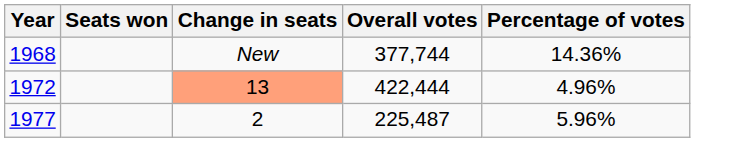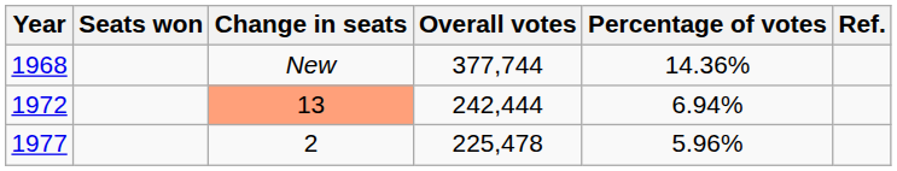 <table class="wikitable" style="text-align:center">
 <tr>
 <th Style="background-color:">Year</th>
 <th Style="background-color:">Seats won</th>
 <th Style="background-color:">Change in seats</th>
 <th Style="background-color:">Overall votes</th>
 <th Style="background-color:">Percentage of votes</th>
+<th Style="background-color:">Ref.</th>
 </tr>
 <tr>
 <td><a href='#'>1968</a></td>
 <td></td>
 <td><em>New</em></td>
 <td>377,744</td>
 <td>14.36%</td>
+<td></td>
 </tr>
 <tr>
 <td><a href='#'>1972</a></td>
 <td></td>
 <td style="background: lightsalmon;"> 13</td>
-<td>422,444</td>
-<td>4.96%</td>
+<td>242,444</td>
+<td>6.94%</td>
+<td></td>
 </tr>
 <tr>
 <td><a href='#'>1977</a></td>
 <td></td>
 <td> 2</td>
-<td>225,487</td>
+<td>225,478</td>
 <td>5.96%</td>
+<td></td>
 </tr>
 </table>
